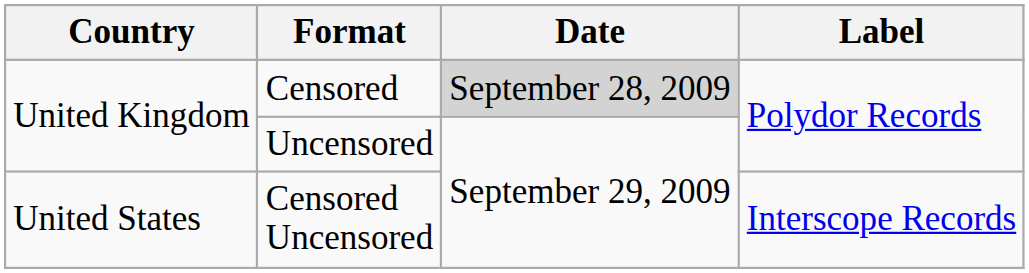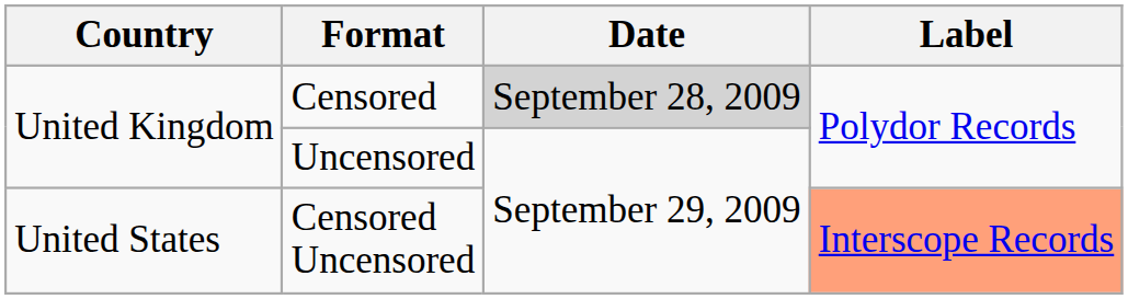 <table class="wikitable">
 <tr>
 <th>Country</th>
 <th>Format</th>
 <th>Date</th>
 <th>Label</th>
 </tr>
 <tr>
 <td rowspan="2">United Kingdom</td>
 <td>Censored</td>
 <td style="background: lightgrey;">September 28, 2009</td>
 <td rowspan="2"><a href='#'>Polydor Records</a></td>
 </tr>
 <tr>
 <td>Uncensored</td>
 <td rowspan="2">September 29, 2009</td>
 </tr>
 <tr>
 <td>United States</td>
 <td>Censored<br>Uncensored</td>
-<td><a href='#'>Interscope Records</a></td>
+<td style="background: lightsalmon;"><a href='#'>Interscope Records</a></td>
 </tr>
 </table>
